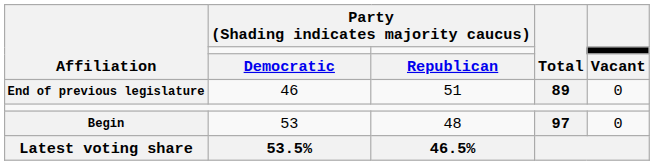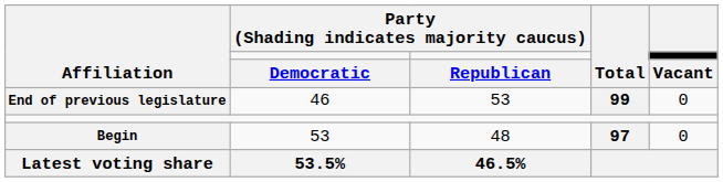 <table class=wikitable style="text-align:center">
 <tr style="vertical-align:bottom;">
 <th rowspan=3>Affiliation</th>
 <th colspan=2>Party <div>(Shading indicates majority caucus)</div></th>
 <th rowspan=3>Total</th>
 <th></th>
 </tr>
 <tr style="height:5px">
 <td style="background-color:"></td>
 <td style="background-color:"></td>
 <td style="background-color:black"></td>
 </tr>
 <tr>
 <th><a href='#'>Democratic</a></th>
 <th><a href='#'>Republican</a></th>
 <th>Vacant</th>
 </tr>
 <tr>
 <th nowrap style="font-size:80%">End of previous legislature</th>
 <td>46</td>
-<td>51</td>
-<th>89</th>
+<td>53</td>
+<th>99</th>
 <td>0</td>
 </tr>
 <tr>
 <td colspan=5></td>
 </tr>
 <tr>
 <th nowrap style="font-size:80%">Begin</th>
 <td>53</td>
 <td>48</td>
 <th>97</th>
 <td>0</td>
 </tr>
 <tr>
 <th>Latest voting share</th>
 <th>53.5%</th>
 <th>46.5%</th>
 <th colspan=2></th>
 </tr>
 </table>
